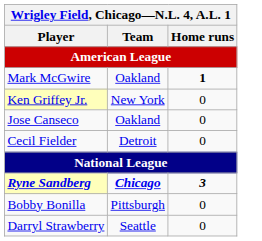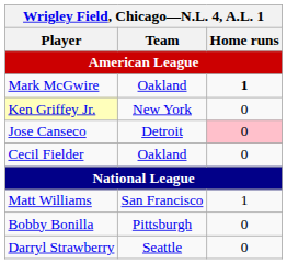 <table class="wikitable" style="text-align:right;">
 <tr>
 <th colspan="3"><a href='#'>Wrigley Field</a>, Chicago—N.L. 4, A.L. 1</th>
 </tr>
 <tr>
 <th>Player</th>
 <th>Team</th>
 <th>Home runs</th>
 </tr>
 <tr>
 <th colspan="3" style="text-align:center; background:#CC0001; color:#FFFFFF;">American League</th>
 </tr>
 <tr>
 <td align="left"><a href='#'>Mark McGwire</a></td>
 <td style="text-align:center;"><a href='#'>Oakland</a></td>
 <td style="text-align:center;"><strong>1</strong></td>
 </tr>
 <tr>
 <td align="left" style="background:#ffb"><a href='#'>Ken Griffey Jr.</a></td>
 <td style="text-align:center;"><a href='#'>New York</a></td>
 <td style="text-align:center;">0</td>
 </tr>
 <tr>
 <td align="left"><a href='#'>Jose Canseco</a></td>
-<td style="text-align:center;"><a href='#'>Oakland</a></td>
-<td style="text-align:center;">0</td>
+<td style="text-align:center;"><a href='#'>Detroit</a></td>
+<td style="background: pink; text-align:center;">0</td>
 </tr>
 <tr>
 <td align="left"><a href='#'>Cecil Fielder</a></td>
-<td style="text-align:center;"><a href='#'>Detroit</a></td>
+<td style="text-align:center;"><a href='#'>Oakland</a></td>
 <td style="text-align:center;">0</td>
 </tr>
 <tr>
 <th colspan="3" style="text-align:center; background:#020088; color:#FFFFFF;">National League</th>
 </tr>
 <tr>
-<td align="left" style="background:#ffb"><strong><em><a href='#'>Ryne Sandberg</a></em></strong></td>
-<td style="text-align:center;"><strong><em><a href='#'>Chicago</a></em></strong></td>
-<td style="text-align:center;"><strong><em>3</em></strong></td>
+<td align="left"><a href='#'>Matt Williams</a></td>
+<td style="text-align:center;"><a href='#'>San Francisco</a></td>
+<td style="text-align:center;">1</td>
 </tr>
 <tr>
 <td align="left"><a href='#'>Bobby Bonilla</a></td>
 <td style="text-align:center;"><a href='#'>Pittsburgh</a></td>
 <td style="text-align:center;">0</td>
 </tr>
 <tr>
 <td align="left"><a href='#'>Darryl Strawberry</a></td>
 <td style="text-align:center;"><a href='#'>Seattle</a></td>
 <td style="text-align:center;">0</td>
 </tr>
 </table>
